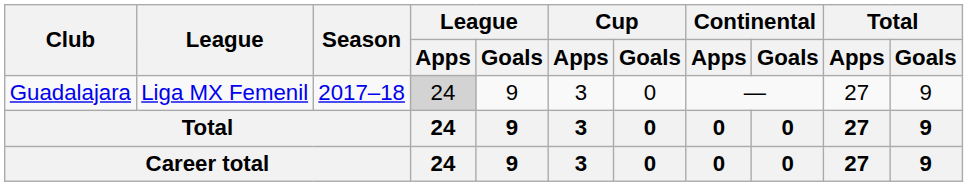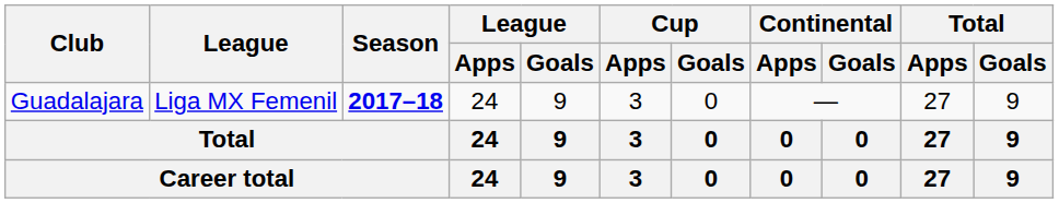 <table class="wikitable" style="text-align: center;">
 <tr>
 <th rowspan="2">Club</th>
 <th rowspan="2">League</th>
 <th rowspan="2">Season</th>
 <th colspan="2">League</th>
 <th colspan="2">Cup</th>
 <th colspan="2">Continental</th>
 <th colspan="2">Total</th>
 </tr>
 <tr>
 <th>Apps</th>
 <th>Goals</th>
 <th>Apps</th>
 <th>Goals</th>
 <th>Apps</th>
 <th>Goals</th>
 <th>Apps</th>
 <th>Goals</th>
 </tr>
 <tr>
 <td rowspan="1"><a href='#'>Guadalajara</a></td>
 <td rowspan="1"><a href='#'>Liga MX Femenil</a></td>
-<td><a href='#'>2017–18</a></td>
-<td style="background: lightgrey;">24</td>
+<td><strong><a href='#'>2017–18</a></strong></td>
+<td>24</td>
 <td>9</td>
 <td>3</td>
 <td>0</td>
 <td colspan="2">—</td>
 <td>27</td>
 <td>9</td>
 </tr>
 <tr>
 <th colspan="3">Total</th>
 <th>24</th>
 <th>9</th>
 <th>3</th>
 <th>0</th>
 <th>0</th>
 <th>0</th>
 <th>27</th>
 <th>9</th>
 </tr>
 <tr>
 <th colspan="3">Career total</th>
 <th>24</th>
 <th>9</th>
 <th>3</th>
 <th>0</th>
 <th>0</th>
 <th>0</th>
 <th>27</th>
 <th>9</th>
 </tr>
 </table>
